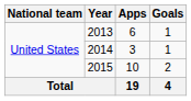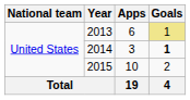 <table class="wikitable" style="text-align:center">
 <tr>
 <th>National team</th>
 <th>Year</th>
 <th>Apps</th>
 <th>Goals</th>
 </tr>
 <tr>
 <td rowspan="3"><a href='#'>United States</a></td>
 <td>2013</td>
 <td>6</td>
-<td>1</td>
+<td style="background: khaki;">1</td>
 </tr>
 <tr>
 <td>2014</td>
 <td>3</td>
-<td>1</td>
+<td><strong>1</strong></td>
 </tr>
 <tr>
 <td>2015</td>
 <td>10</td>
 <td>2</td>
 </tr>
 <tr>
 <th colspan="2">Total</th>
 <th>19</th>
 <th>4</th>
 </tr>
 </table>
